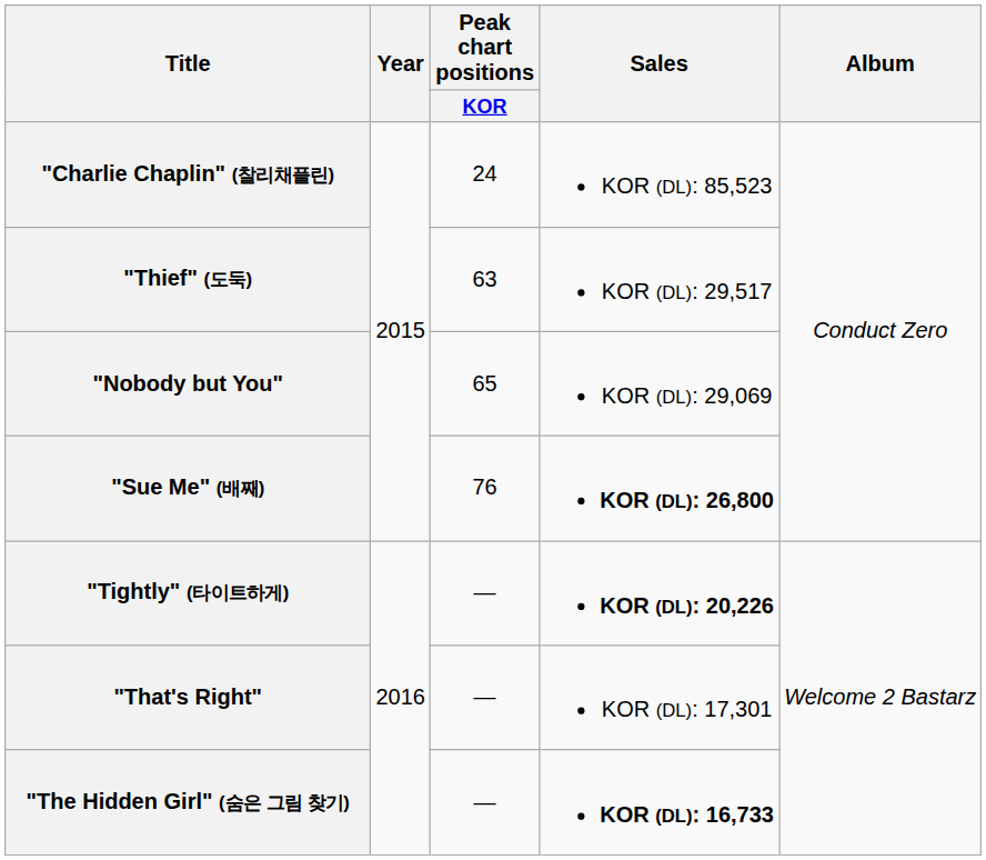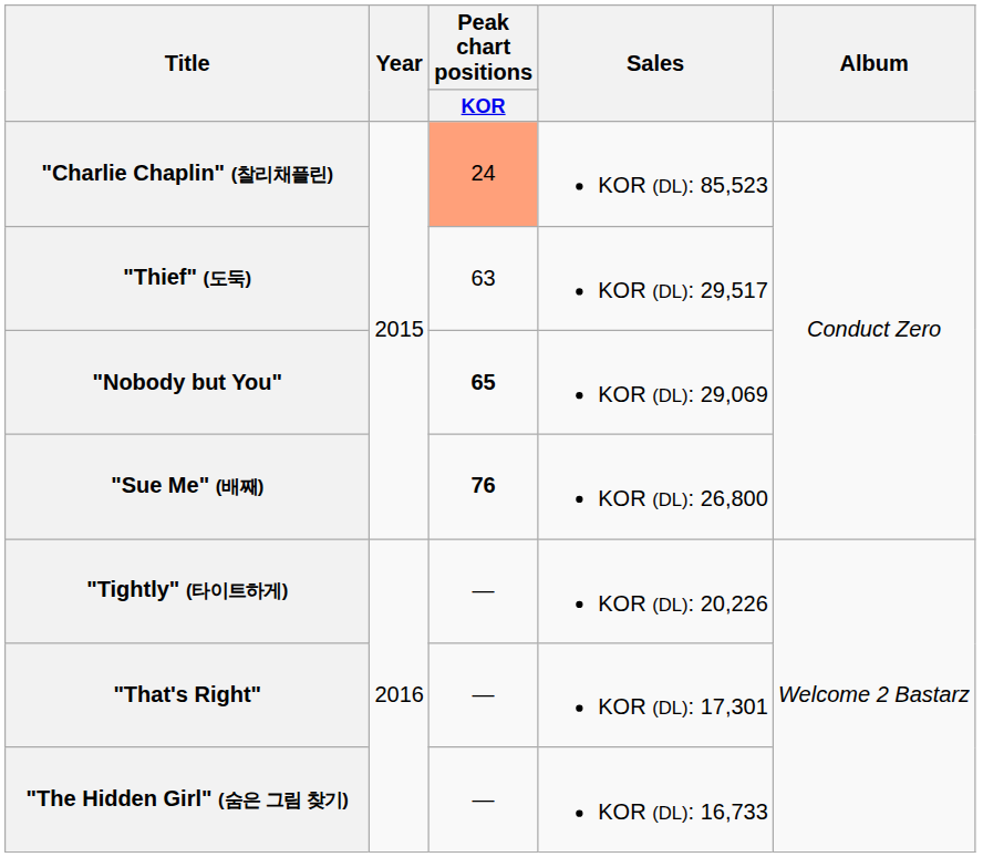 <table class="wikitable plainrowheaders" style="text-align:center;">
 <tr>
 <th scope="col" rowspan="2" style="width:16em;">Title</th>
 <th scope="col" rowspan="2">Year</th>
 <th scope="col" colspan="1">Peak chart positions</th>
 <th scope="col" rowspan="2">Sales</th>
 <th scope="col" rowspan="2">Album</th>
 </tr>
 <tr>
 <th scope="col" style="width:3em;font-size:90%;"><a href='#'>KOR</a><br></th>
 </tr>
 <tr>
 <th scope="row">"Charlie Chaplin" <small>(찰리채플린)</small></th>
 <td rowspan="4">2015</td>
-<td>24</td>
+<td style="background: lightsalmon;">24</td>
 <td><br><ul><li>KOR <small>(DL)</small>: 85,523</li></ul></td>
 <td rowspan="4"><em>Conduct Zero</em></td>
 </tr>
 <tr>
 <th scope="row">"Thief" <small>(도둑)</small></th>
 <td>63</td>
 <td><br><ul><li>KOR <small>(DL)</small>: 29,517</li></ul></td>
 </tr>
 <tr>
 <th scope="row">"Nobody but You"</th>
-<td>65</td>
+<td><strong>65</strong></td>
 <td><br><ul><li>KOR <small>(DL)</small>: 29,069</li></ul></td>
 </tr>
 <tr>
 <th scope="row">"Sue Me" <small>(배째)</small></th>
-<td>76</td>
-<td><strong><br><ul><li>KOR <small>(DL)</small>: 26,800</li></ul></strong></td>
+<td><strong>76</strong></td>
+<td><br><ul><li>KOR <small>(DL)</small>: 26,800</li></ul></td>
 </tr>
 <tr>
 <th scope="row">"Tightly" <small>(타이트하게)</small></th>
 <td rowspan="3">2016</td>
 <td>—</td>
-<td><strong><br><ul><li>KOR <small>(DL)</small>: 20,226</li></ul></strong></td>
+<td><br><ul><li>KOR <small>(DL)</small>: 20,226</li></ul></td>
 <td rowspan="3"><em>Welcome 2 Bastarz</em></td>
 </tr>
 <tr>
 <th scope="row">"That's Right"</th>
 <td>—</td>
 <td><br><ul><li>KOR <small>(DL)</small>: 17,301</li></ul></td>
 </tr>
 <tr>
 <th scope="row">"The Hidden Girl" <small>(숨은 그림 찾기)</small></th>
 <td>—</td>
-<td><strong><br><ul><li>KOR <small>(DL)</small>: 16,733</li></ul></strong></td>
+<td><br><ul><li>KOR <small>(DL)</small>: 16,733</li></ul></td>
 </tr>
 </table>
